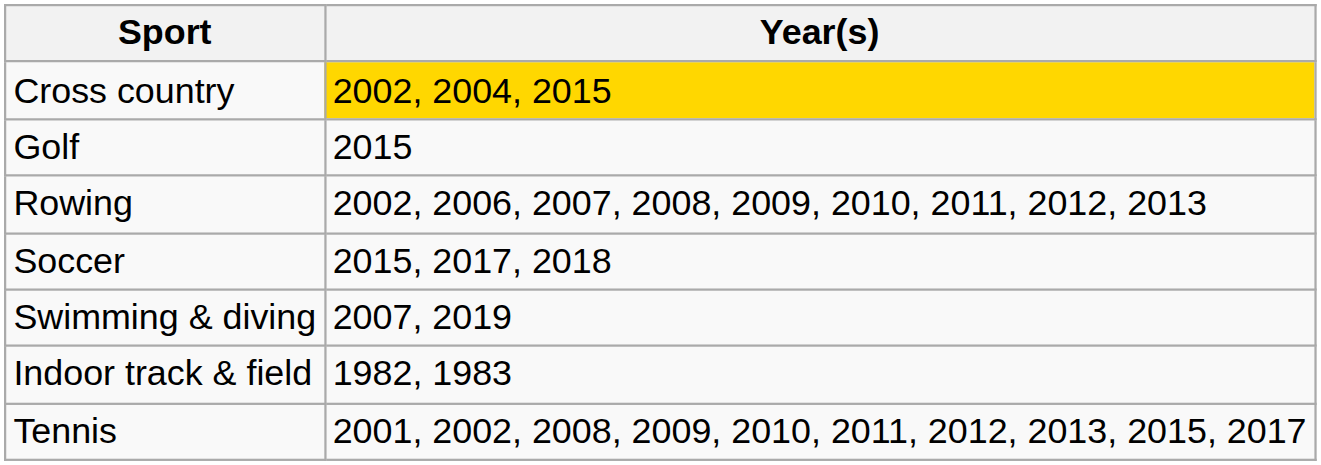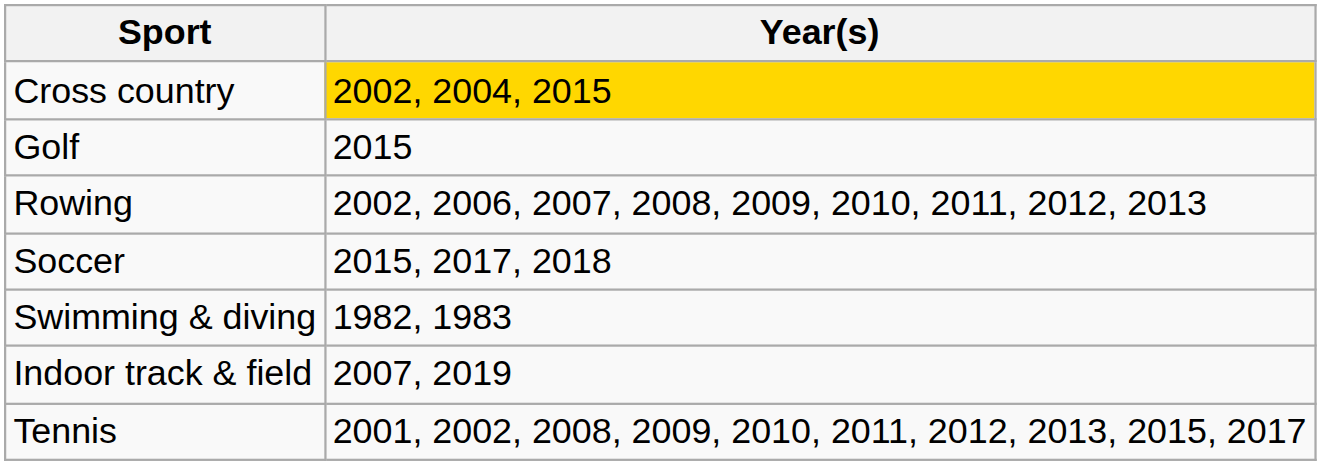 <table class="wikitable">
 <tr>
 <th>Sport</th>
 <th>Year(s)</th>
 </tr>
 <tr>
 <td>Cross country</td>
 <td style="background: gold;">2002, 2004, 2015</td>
 </tr>
 <tr>
 <td>Golf</td>
 <td>2015</td>
 </tr>
 <tr>
 <td>Rowing</td>
 <td>2002, 2006, 2007, 2008, 2009, 2010, 2011, 2012, 2013</td>
 </tr>
 <tr>
 <td>Soccer</td>
 <td>2015, 2017, 2018</td>
 </tr>
 <tr>
 <td>Swimming & diving</td>
-<td>2007, 2019</td>
+<td>1982, 1983</td>
 </tr>
 <tr>
 <td>Indoor track & field</td>
-<td>1982, 1983</td>
+<td>2007, 2019</td>
 </tr>
 <tr>
 <td>Tennis</td>
 <td>2001, 2002, 2008, 2009, 2010, 2011, 2012, 2013, 2015, 2017</td>
 </tr>
 </table>
